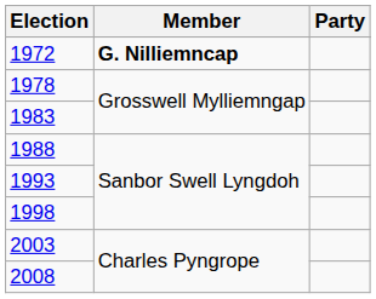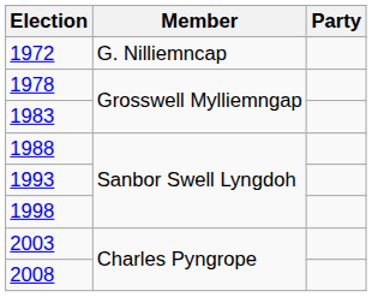 <table class="wikitable sortable">
 <tr>
 <th>Election</th>
 <th>Member</th>
 <th colspan=2>Party</th>
 </tr>
 <tr>
 </tr>
 <tr>
 </tr>
 <tr>
 </tr>
 <tr>
 </tr>
 <tr>
 <td><a href='#'>1972</a></td>
-<td><strong>G. Nilliemncap</strong></td>
+<td>G. Nilliemncap</td>
 <td></td>
 </tr>
 <tr>
 <td><a href='#'>1978</a></td>
 <td rowspan=2>Grosswell Mylliemngap</td>
 <td></td>
 </tr>
 <tr>
 <td><a href='#'>1983</a></td>
 </tr>
 <tr>
 <td><a href='#'>1988</a></td>
 <td rowspan=3>Sanbor Swell Lyngdoh</td>
 <td></td>
 </tr>
 <tr>
 <td><a href='#'>1993</a></td>
 </tr>
 <tr>
 <td><a href='#'>1998</a></td>
 <td></td>
 </tr>
 <tr>
 <td><a href='#'>2003</a></td>
 <td rowspan=2>Charles Pyngrope</td>
 <td></td>
 </tr>
 <tr>
 <td><a href='#'>2008</a></td>
 </tr>
 </table>
